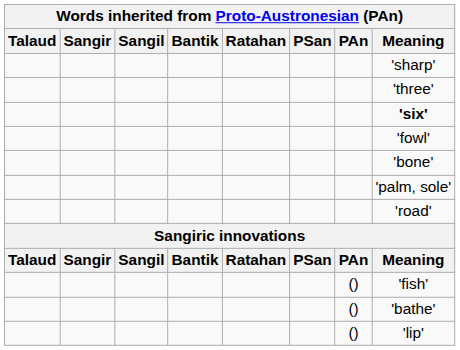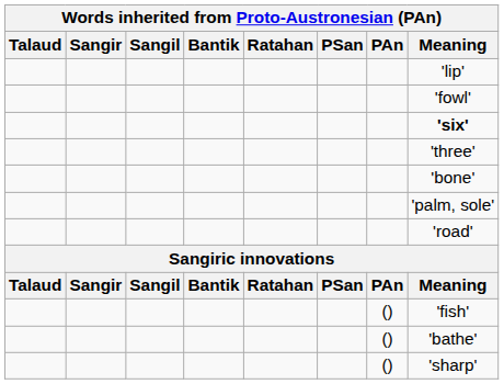 <table class="wikitable" title="Comparison table" style="text-align: center;">
 <tr>
 <th colspan=8>Words inherited from <a href='#'>Proto-Austronesian</a> (PAn)</th>
 </tr>
 <tr>
 <th>Talaud</th>
 <th>Sangir</th>
 <th>Sangil</th>
 <th>Bantik</th>
 <th>Ratahan</th>
 <th>PSan</th>
 <th>PAn</th>
 <th>Meaning</th>
 </tr>
 <tr>
 <td></td>
 <td></td>
 <td></td>
 <td></td>
 <td></td>
 <td></td>
 <td></td>
-<td>'sharp'</td>
+<td>'lip'</td>
 </tr>
 <tr>
 <td></td>
 <td></td>
 <td></td>
 <td></td>
 <td></td>
 <td></td>
 <td></td>
-<td>'three'</td>
+<td>'fowl'</td>
 </tr>
 <tr>
 <td></td>
 <td></td>
 <td></td>
 <td></td>
 <td></td>
 <td></td>
 <td></td>
 <td><strong>'six'</strong></td>
 </tr>
 <tr>
 <td></td>
 <td></td>
 <td></td>
 <td></td>
 <td></td>
 <td></td>
 <td></td>
-<td>'fowl'</td>
+<td>'three'</td>
 </tr>
 <tr>
 <td></td>
 <td></td>
 <td></td>
 <td></td>
 <td></td>
 <td></td>
 <td></td>
 <td>'bone'</td>
 </tr>
 <tr>
 <td></td>
 <td></td>
 <td></td>
 <td></td>
 <td></td>
 <td></td>
 <td></td>
 <td>'palm, sole'</td>
 </tr>
 <tr>
 <td></td>
 <td></td>
 <td></td>
 <td></td>
 <td></td>
 <td></td>
 <td></td>
 <td>'road'</td>
 </tr>
 <tr>
 <th colspan=8>Sangiric innovations</th>
 </tr>
 <tr>
 <th>Talaud</th>
 <th>Sangir</th>
 <th>Sangil</th>
 <th>Bantik</th>
 <th>Ratahan</th>
 <th>PSan</th>
 <th>PAn</th>
 <th>Meaning</th>
 </tr>
 <tr>
 <td></td>
 <td></td>
 <td></td>
 <td></td>
 <td></td>
 <td></td>
 <td>()</td>
 <td>'fish'</td>
 </tr>
 <tr>
 <td></td>
 <td></td>
 <td></td>
 <td></td>
 <td></td>
 <td></td>
 <td>()</td>
 <td>'bathe'</td>
 </tr>
 <tr>
 <td></td>
 <td></td>
 <td></td>
 <td></td>
 <td></td>
 <td></td>
 <td>()</td>
-<td>'lip'</td>
+<td>'sharp'</td>
 </tr>
 </table>
